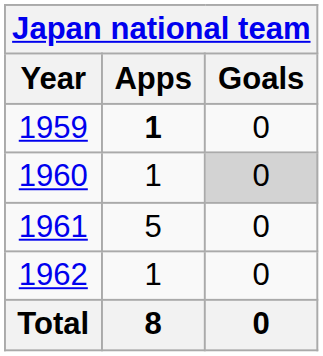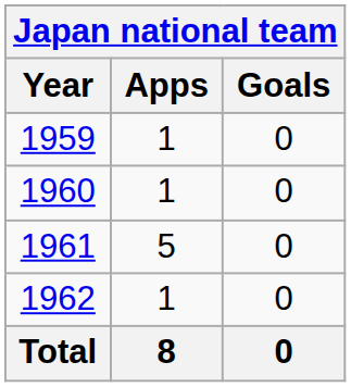 <table class="wikitable" style="text-align:center">
 <tr>
 <th colspan=3><a href='#'>Japan national team</a></th>
 </tr>
 <tr>
 <th>Year</th>
 <th>Apps</th>
 <th>Goals</th>
 </tr>
 <tr>
 <td><a href='#'>1959</a></td>
-<td><strong>1</strong></td>
+<td>1</td>
 <td>0</td>
 </tr>
 <tr>
 <td><a href='#'>1960</a></td>
 <td>1</td>
-<td style="background: lightgrey;">0</td>
+<td>0</td>
 </tr>
 <tr>
 <td><a href='#'>1961</a></td>
 <td>5</td>
 <td>0</td>
 </tr>
 <tr>
 <td><a href='#'>1962</a></td>
 <td>1</td>
 <td>0</td>
 </tr>
 <tr>
 <th>Total</th>
 <th>8</th>
 <th>0</th>
 </tr>
 </table>
